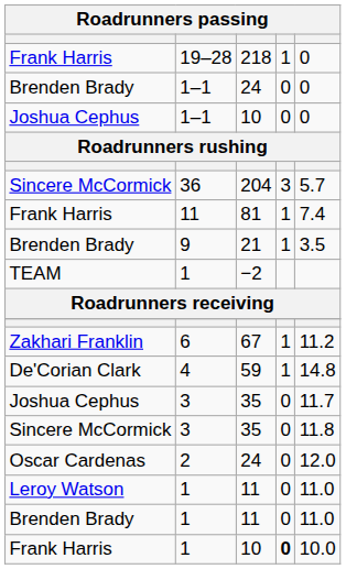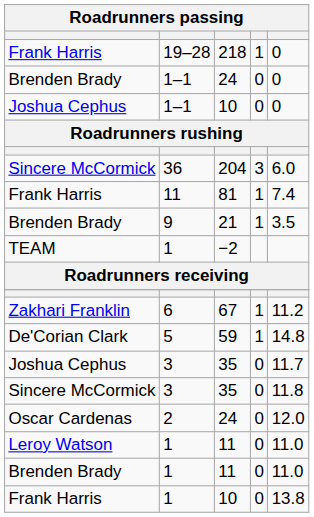 <table class="wikitable plainrowheaders">
 <tr>
 <th colspan="6">Roadrunners passing</th>
 </tr>
 <tr>
 <th scope="col"></th>
 <th scope="col"></th>
 <th scope="col"></th>
 <th scope="col"></th>
 <th scope="col"></th>
 </tr>
 <tr>
 <td><a href='#'>Frank Harris</a></td>
 <td>19–28</td>
 <td>218</td>
 <td>1</td>
 <td>0</td>
 </tr>
 <tr>
 <td>Brenden Brady</td>
 <td>1–1</td>
 <td>24</td>
 <td>0</td>
 <td>0</td>
 </tr>
 <tr>
 <td><a href='#'>Joshua Cephus</a></td>
 <td>1–1</td>
 <td>10</td>
 <td>0</td>
 <td>0</td>
 </tr>
 <tr>
 <th colspan="6">Roadrunners rushing</th>
 </tr>
 <tr>
 <th scope="col"></th>
 <th scope="col"></th>
 <th scope="col"></th>
 <th scope="col"></th>
 <th scope="col"></th>
 </tr>
 <tr>
 <td><a href='#'>Sincere McCormick</a></td>
 <td>36</td>
 <td>204</td>
 <td>3</td>
-<td>5.7</td>
+<td>6.0</td>
 </tr>
 <tr>
 <td>Frank Harris</td>
 <td>11</td>
 <td>81</td>
 <td>1</td>
 <td>7.4</td>
 </tr>
 <tr>
 <td>Brenden Brady</td>
 <td>9</td>
 <td>21</td>
 <td>1</td>
 <td>3.5</td>
 </tr>
 <tr>
 <td>TEAM</td>
 <td>1</td>
 <td>−2</td>
 <td></td>
 <td></td>
 </tr>
 <tr>
 <th colspan="6">Roadrunners receiving</th>
 </tr>
 <tr>
 </tr>
 <tr>
 <th scope="col"></th>
 <th scope="col"></th>
 <th scope="col"></th>
 <th scope="col"></th>
 <th scope="col"></th>
 </tr>
 <tr>
 <td><a href='#'>Zakhari Franklin</a></td>
 <td>6</td>
 <td>67</td>
 <td>1</td>
 <td>11.2</td>
 </tr>
 <tr>
 <td>De'Corian Clark</td>
-<td>4</td>
+<td>5</td>
 <td>59</td>
 <td>1</td>
 <td>14.8</td>
 </tr>
 <tr>
 <td>Joshua Cephus</td>
 <td>3</td>
 <td>35</td>
 <td>0</td>
 <td>11.7</td>
 </tr>
 <tr>
 <td>Sincere McCormick</td>
 <td>3</td>
 <td>35</td>
 <td>0</td>
 <td>11.8</td>
 </tr>
 <tr>
 <td>Oscar Cardenas</td>
 <td>2</td>
 <td>24</td>
 <td>0</td>
 <td>12.0</td>
 </tr>
 <tr>
 <td><a href='#'>Leroy Watson</a></td>
 <td>1</td>
 <td>11</td>
 <td>0</td>
 <td>11.0</td>
 </tr>
 <tr>
 <td>Brenden Brady</td>
 <td>1</td>
 <td>11</td>
 <td>0</td>
 <td>11.0</td>
 </tr>
 <tr>
 <td>Frank Harris</td>
 <td>1</td>
 <td>10</td>
-<td><strong>0</strong></td>
-<td>10.0</td>
+<td>0</td>
+<td>13.8</td>
 </tr>
 </table>
